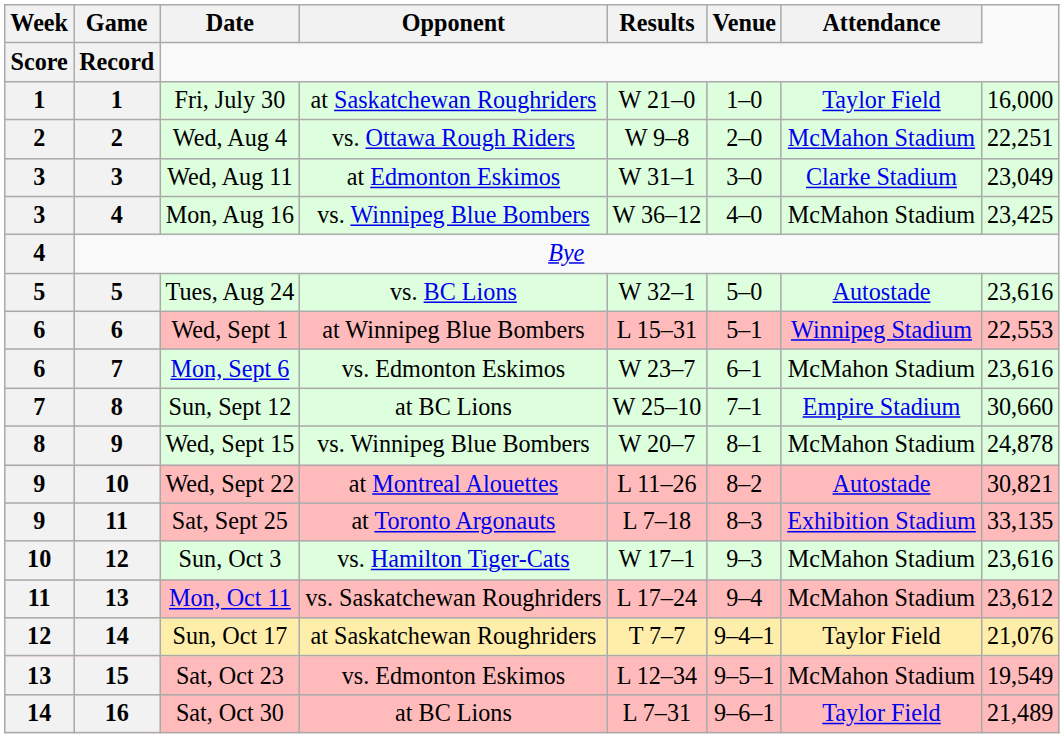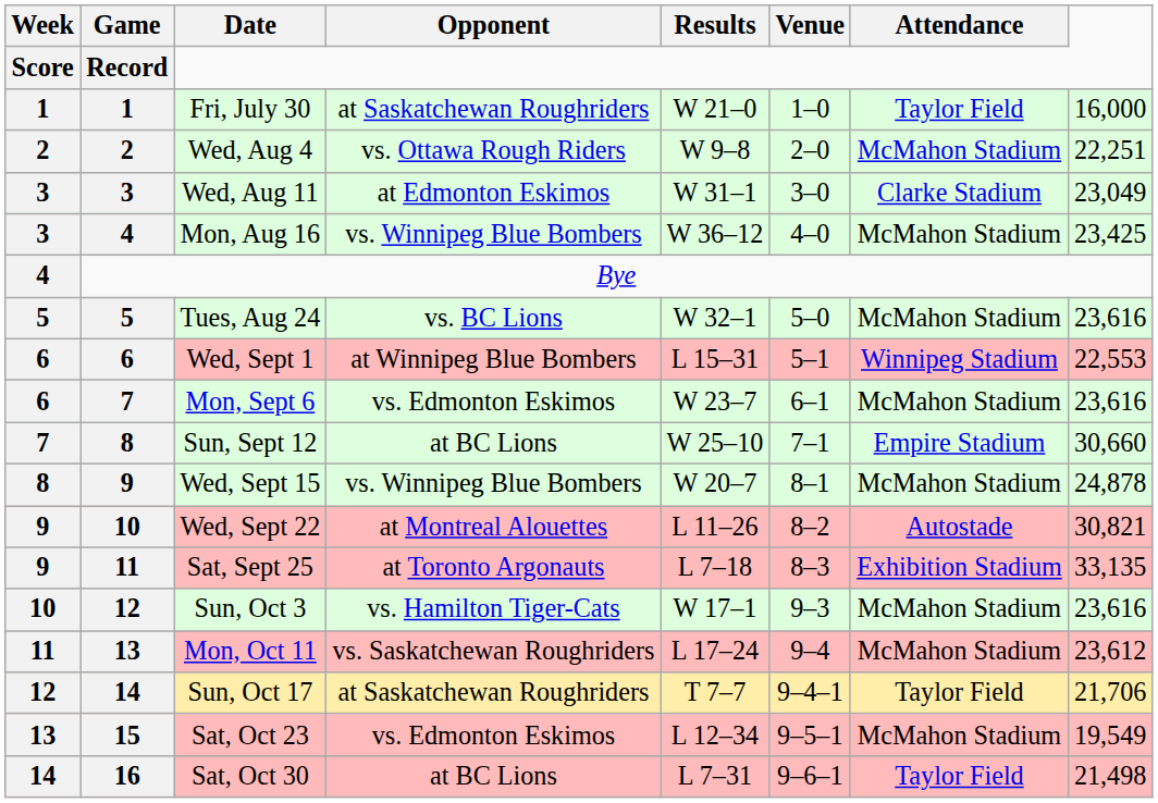 <table class="wikitable" style="text-align:center">
 <tr>
 <th>Week</th>
 <th>Game</th>
 <th>Date</th>
 <th>Opponent</th>
 <th>Results</th>
 <th>Venue</th>
 <th>Attendance</th>
 </tr>
 <tr>
 <th>Score</th>
 <th>Record</th>
 </tr>
 <tr style="background:#ddffdd">
 <th>1</th>
 <th>1</th>
 <td>Fri, July 30</td>
 <td>at <a href='#'>Saskatchewan Roughriders</a></td>
 <td>W 21–0</td>
 <td>1–0</td>
 <td><a href='#'>Taylor Field</a></td>
 <td>16,000</td>
 </tr>
 <tr style="background:#ddffdd">
 <th>2</th>
 <th>2</th>
 <td>Wed, Aug 4</td>
 <td>vs. <a href='#'>Ottawa Rough Riders</a></td>
 <td>W 9–8</td>
 <td>2–0</td>
 <td><a href='#'>McMahon Stadium</a></td>
 <td>22,251</td>
 </tr>
 <tr style="background:#ddffdd">
 <th>3</th>
 <th>3</th>
 <td>Wed, Aug 11</td>
 <td>at <a href='#'>Edmonton Eskimos</a></td>
 <td>W 31–1</td>
 <td>3–0</td>
 <td><a href='#'>Clarke Stadium</a></td>
 <td>23,049</td>
 </tr>
 <tr style="background:#ddffdd">
 <th>3</th>
 <th>4</th>
 <td>Mon, Aug 16</td>
 <td>vs. <a href='#'>Winnipeg Blue Bombers</a></td>
 <td>W 36–12</td>
 <td>4–0</td>
 <td>McMahon Stadium</td>
 <td>23,425</td>
 </tr>
 <tr>
 <th>4</th>
 <td colspan=7><em><a href='#'>Bye</a></em></td>
 </tr>
 <tr style="background:#ddffdd">
 <th>5</th>
 <th>5</th>
 <td>Tues, Aug 24</td>
 <td>vs. <a href='#'>BC Lions</a></td>
 <td>W 32–1</td>
 <td>5–0</td>
-<td><a href='#'>Autostade</a></td>
+<td>McMahon Stadium</td>
 <td>23,616</td>
 </tr>
 <tr style="background:#ffbbbb">
 <th>6</th>
 <th>6</th>
 <td>Wed, Sept 1</td>
 <td>at Winnipeg Blue Bombers</td>
 <td>L 15–31</td>
 <td>5–1</td>
 <td><a href='#'>Winnipeg Stadium</a></td>
 <td>22,553</td>
 </tr>
 <tr style="background:#ddffdd">
 <th>6</th>
 <th>7</th>
 <td><a href='#'>Mon, Sept 6</a></td>
 <td>vs. Edmonton Eskimos</td>
 <td>W 23–7</td>
 <td>6–1</td>
 <td>McMahon Stadium</td>
 <td>23,616</td>
 </tr>
 <tr style="background:#ddffdd">
 <th>7</th>
 <th>8</th>
 <td>Sun, Sept 12</td>
 <td>at BC Lions</td>
 <td>W 25–10</td>
 <td>7–1</td>
 <td><a href='#'>Empire Stadium</a></td>
 <td>30,660</td>
 </tr>
 <tr style="background:#ddffdd">
 <th>8</th>
 <th>9</th>
 <td>Wed, Sept 15</td>
 <td>vs. Winnipeg Blue Bombers</td>
 <td>W 20–7</td>
 <td>8–1</td>
 <td>McMahon Stadium</td>
 <td>24,878</td>
 </tr>
 <tr style="background:#ffbbbb">
 <th>9</th>
 <th>10</th>
 <td>Wed, Sept 22</td>
 <td>at <a href='#'>Montreal Alouettes</a></td>
 <td>L 11–26</td>
 <td>8–2</td>
 <td><a href='#'>Autostade</a></td>
 <td>30,821</td>
 </tr>
 <tr style="background:#ffbbbb">
 <th>9</th>
 <th>11</th>
 <td>Sat, Sept 25</td>
 <td>at <a href='#'>Toronto Argonauts</a></td>
 <td>L 7–18</td>
 <td>8–3</td>
 <td><a href='#'>Exhibition Stadium</a></td>
 <td>33,135</td>
 </tr>
 <tr style="background:#ddffdd">
 <th>10</th>
 <th>12</th>
 <td>Sun, Oct 3</td>
 <td>vs. <a href='#'>Hamilton Tiger-Cats</a></td>
 <td>W 17–1</td>
 <td>9–3</td>
 <td>McMahon Stadium</td>
 <td>23,616</td>
 </tr>
 <tr style="background:#ffbbbb">
 <th>11</th>
 <th>13</th>
 <td><a href='#'>Mon, Oct 11</a></td>
 <td>vs. Saskatchewan Roughriders</td>
 <td>L 17–24</td>
 <td>9–4</td>
 <td>McMahon Stadium</td>
 <td>23,612</td>
 </tr>
 <tr style="background:#ffeeaa">
 <th>12</th>
 <th>14</th>
 <td>Sun, Oct 17</td>
 <td>at Saskatchewan Roughriders</td>
 <td>T 7–7</td>
 <td>9–4–1</td>
 <td>Taylor Field</td>
-<td>21,076</td>
+<td>21,706</td>
 </tr>
 <tr style="background:#ffbbbb">
 <th>13</th>
 <th>15</th>
 <td>Sat, Oct 23</td>
 <td>vs. Edmonton Eskimos</td>
 <td>L 12–34</td>
 <td>9–5–1</td>
 <td>McMahon Stadium</td>
 <td>19,549</td>
 </tr>
 <tr style="background:#ffbbbb">
 <th>14</th>
 <th>16</th>
 <td>Sat, Oct 30</td>
 <td>at BC Lions</td>
 <td>L 7–31</td>
 <td>9–6–1</td>
 <td><a href='#'>Taylor Field</a></td>
-<td>21,489</td>
+<td>21,498</td>
 </tr>
 </table>
